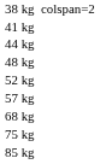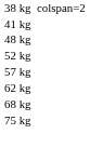 <table>
 <tr>
 <td>38 kg</td>
 <td></td>
 <td>colspan=2 </td>
 </tr>
 <tr>
 <td>41 kg</td>
-<td></td>
-<td></td>
-<td></td>
-</tr>
-<tr>
-<td>44 kg</td>
 <td></td>
 <td></td>
 <td></td>
 </tr>
 <tr>
 <td>48 kg</td>
 <td></td>
 <td></td>
 <td></td>
 </tr>
 <tr>
 <td>52 kg</td>
 <td></td>
 <td></td>
 <td></td>
 </tr>
 <tr>
 <td>57 kg</td>
 <td></td>
 <td></td>
 <td></td>
 </tr>
 <tr>
+<td>62 kg</td>
+<td></td>
+<td></td>
+<td></td>
+</tr>
+<tr>
 <td>68 kg</td>
 <td></td>
 <td></td>
 <td></td>
 </tr>
 <tr>
 <td>75 kg</td>
 <td></td>
 <td></td>
 <td></td>
 </tr>
-<tr>
-<td>85 kg</td>
-<td></td>
-<td></td>
-<td></td>
-</tr>
 </table>
